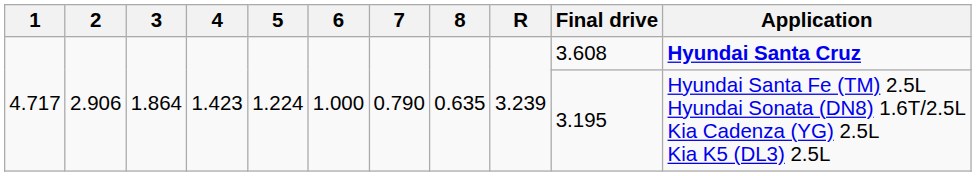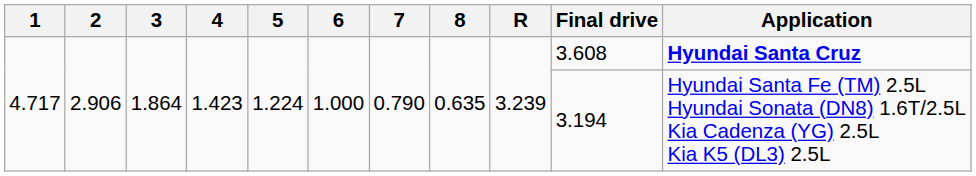 <table class=wikitable>
 <tr>
 <th>1</th>
 <th>2</th>
 <th>3</th>
 <th>4</th>
 <th>5</th>
 <th>6</th>
 <th>7</th>
 <th>8</th>
 <th>R</th>
 <th>Final drive</th>
 <th>Application</th>
 </tr>
 <tr>
 <td rowspan=2>4.717</td>
 <td rowspan=2>2.906</td>
 <td rowspan=2>1.864</td>
 <td rowspan=2>1.423</td>
 <td rowspan=2>1.224</td>
 <td rowspan=2>1.000</td>
 <td rowspan=2>0.790</td>
 <td rowspan=2>0.635</td>
 <td rowspan=2>3.239</td>
 <td>3.608</td>
 <td><strong><a href='#'>Hyundai Santa Cruz</a></strong></td>
 </tr>
 <tr>
-<td>3.195</td>
+<td>3.194</td>
 <td><a href='#'>Hyundai Santa Fe (TM)</a> 2.5L<br><a href='#'>Hyundai Sonata (DN8)</a> 1.6T/2.5L<br><a href='#'>Kia Cadenza (YG)</a> 2.5L<br><a href='#'>Kia K5 (DL3)</a> 2.5L</td>
 </tr>
 </table>
